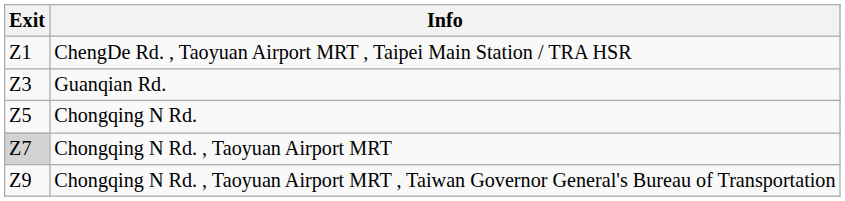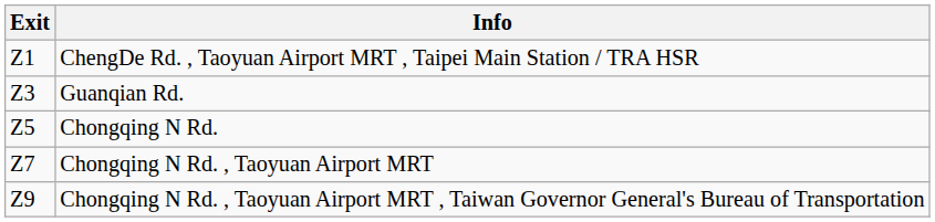 <table class="wikitable" style="margin:1em auto;">
 <tr>
 <th>Exit</th>
 <th>Info</th>
 </tr>
 <tr>
 <td>Z1</td>
 <td>ChengDe Rd. , Taoyuan Airport MRT , Taipei Main Station / TRA HSR</td>
 </tr>
 <tr>
 <td>Z3</td>
 <td>Guanqian Rd.</td>
 </tr>
 <tr>
 <td>Z5</td>
 <td>Chongqing N Rd.</td>
 </tr>
 <tr>
-<td style="background: lightgrey;">Z7</td>
+<td>Z7</td>
 <td>Chongqing N Rd. , Taoyuan Airport MRT</td>
 </tr>
 <tr>
 <td>Z9</td>
 <td>Chongqing N Rd. , Taoyuan Airport MRT , Taiwan Governor General's Bureau of Transportation</td>
 </tr>
 </table>
